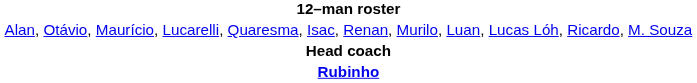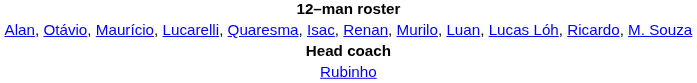 <table style="text-align: center; margin-top: 2em; margin-left: auto; margin-right: auto">
 <tr>
 <td><strong>12–man roster</strong></td>
 </tr>
 <tr>
 <td><a href='#'>Alan</a>, <a href='#'>Otávio</a>, <a href='#'>Maurício</a>, <a href='#'>Lucarelli</a>, <a href='#'>Quaresma</a>, <a href='#'>Isac</a>, <a href='#'>Renan</a>, <a href='#'>Murilo</a>, <a href='#'>Luan</a>, <a href='#'>Lucas Lóh</a>, <a href='#'>Ricardo</a>, <a href='#'>M. Souza</a></td>
 </tr>
 <tr>
 <td><strong>Head coach</strong></td>
 </tr>
 <tr>
-<td><strong><a href='#'>Rubinho</a></strong></td>
+<td><a href='#'>Rubinho</a></td>
 </tr>
 </table>
